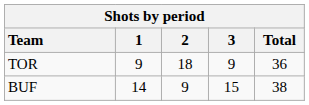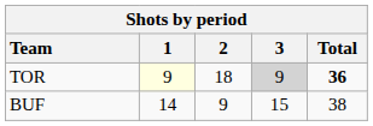 <table class="wikitable" style="width:20em; text-align:right;">
 <tr>
 <th colspan=6>Shots by period</th>
 </tr>
 <tr>
 <th style="width:8em; text-align:left;">Team</th>
 <th style="width:3em;">1</th>
 <th style="width:3em;">2</th>
 <th style="width:3em;">3</th>
 <th style="width:3em;">Total</th>
 </tr>
 <tr>
 <td style="text-align:left;">TOR</td>
-<td align=center>9</td>
+<td align=center style="background: lightyellow;">9</td>
 <td align=center>18</td>
-<td align=center>9</td>
-<td align=center>36</td>
+<td align=center style="background: lightgrey;">9</td>
+<td align=center><strong>36</strong></td>
 </tr>
 <tr>
 <td style="text-align:left;">BUF</td>
 <td align=center>14</td>
 <td align=center>9</td>
 <td align=center>15</td>
 <td align=center>38</td>
 </tr>
 </table>
